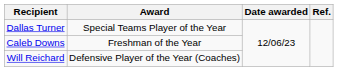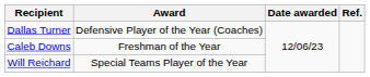 <table class="wikitable sortable" style="text-align:center">
 <tr>
 <th>Recipient</th>
 <th>Award</th>
 <th>Date awarded</th>
 <th>Ref.</th>
 </tr>
 <tr>
 <td><a href='#'>Dallas Turner</a></td>
-<td>Special Teams Player of the Year</td>
+<td>Defensive Player of the Year (Coaches)</td>
 <td rowspan=3>12/06/23</td>
 <td rowspan=3></td>
 </tr>
 <tr>
 <td><a href='#'>Caleb Downs</a></td>
 <td>Freshman of the Year</td>
 </tr>
 <tr>
 <td><a href='#'>Will Reichard</a></td>
-<td>Defensive Player of the Year (Coaches)</td>
+<td>Special Teams Player of the Year</td>
 </tr>
 </table>
